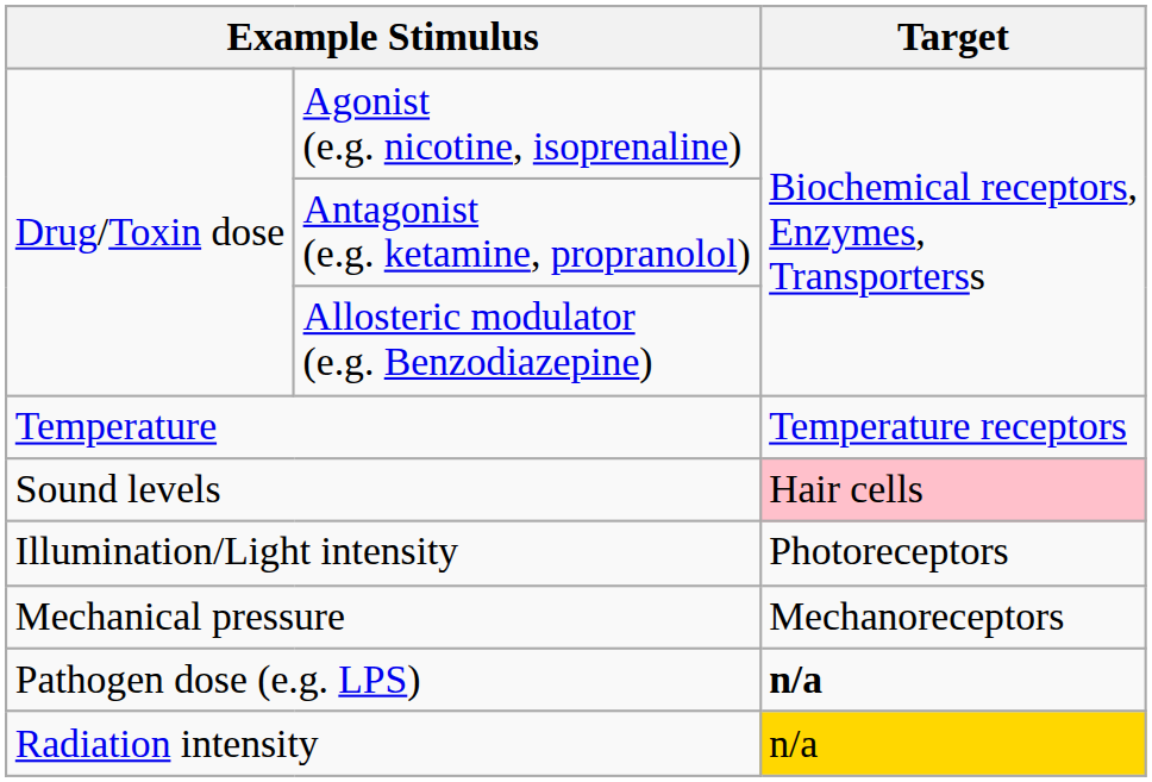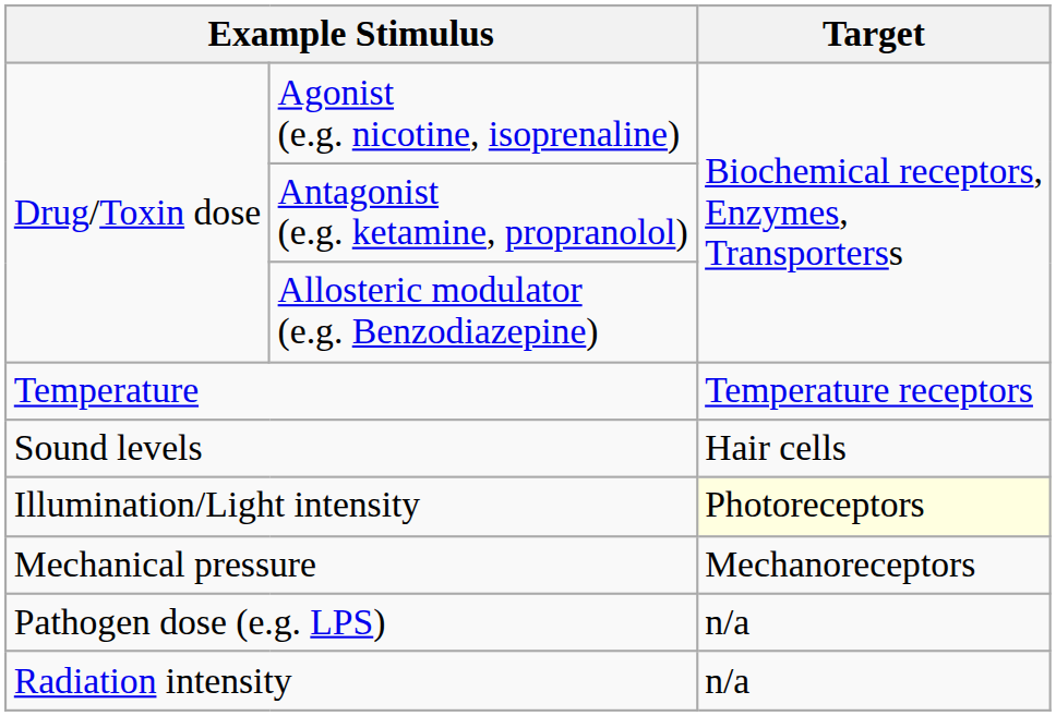 <table class="wikitable floatleft">
 <tr>
 <th colspan="2">Example Stimulus</th>
 <th>Target</th>
 </tr>
 <tr>
 <td rowspan="3"><a href='#'>Drug</a>/<a href='#'>Toxin</a>  dose</td>
 <td><a href='#'>Agonist</a><br>(e.g. <a href='#'>nicotine</a>, <a href='#'>isoprenaline</a>)</td>
 <td rowspan="3"><a href='#'>Biochemical receptors</a>,<br><a href='#'>Enzymes</a>,<br><a href='#'>Transporters</a>s</td>
 </tr>
 <tr>
 <td><a href='#'>Antagonist</a><br>(e.g. <a href='#'>ketamine</a>, <a href='#'>propranolol</a>)</td>
 </tr>
 <tr>
 <td><a href='#'>Allosteric modulator</a><br>(e.g. <a href='#'>Benzodiazepine</a>)</td>
 </tr>
 <tr>
 <td colspan="2"><a href='#'>Temperature</a></td>
 <td><a href='#'>Temperature receptors</a></td>
 </tr>
 <tr>
 <td colspan="2">Sound levels</td>
-<td style="background: pink;">Hair cells</td>
+<td>Hair cells</td>
 </tr>
 <tr>
 <td colspan="2">Illumination/Light intensity</td>
-<td>Photoreceptors</td>
+<td style="background: lightyellow;">Photoreceptors</td>
 </tr>
 <tr>
 <td colspan="2">Mechanical pressure</td>
 <td>Mechanoreceptors</td>
 </tr>
 <tr>
 <td colspan="2">Pathogen dose (e.g. <a href='#'>LPS</a>)</td>
-<td><strong>n/a</strong></td>
+<td>n/a</td>
 </tr>
 <tr>
 <td colspan="2"><a href='#'>Radiation</a> intensity</td>
-<td style="background: gold;">n/a</td>
+<td>n/a</td>
 </tr>
 </table>
